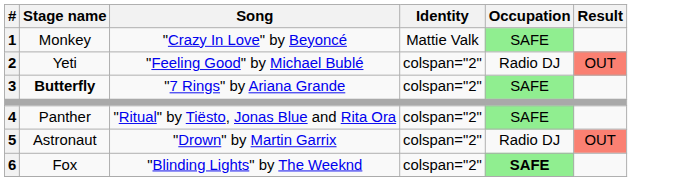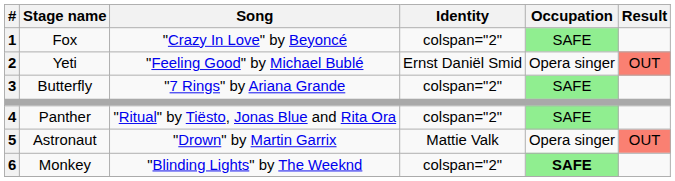 <table class="wikitable plainrowheaders" style="text-align: center;">
 <tr>
 <th>#</th>
 <th><strong>Stage name</strong></th>
 <th><strong>Song</strong></th>
 <th>Identity</th>
 <th><strong>Occupation</strong></th>
 <th>Result</th>
 </tr>
 <tr>
 <th>1</th>
-<td>Monkey</td>
+<td>Fox</td>
 <td>"<a href='#'>Crazy In Love</a>" by <a href='#'>Beyoncé</a></td>
-<td>Mattie Valk</td>
+<td>colspan="2" </td>
 <td bgcolor="lightgreen">SAFE</td>
 </tr>
 <tr>
 <th>2</th>
 <td>Yeti</td>
 <td>"<a href='#'>Feeling Good</a>" by <a href='#'>Michael Bublé</a></td>
-<td>colspan="2" </td>
-<td>Radio DJ</td>
+<td>Ernst Daniël Smid</td>
+<td>Opera singer</td>
 <td bgcolor="salmon">OUT</td>
 </tr>
 <tr>
 <th>3</th>
-<td><strong>Butterfly</strong></td>
+<td>Butterfly</td>
 <td>"<a href='#'>7 Rings</a>" by <a href='#'>Ariana Grande</a></td>
 <td>colspan="2" </td>
 <td bgcolor="lightgreen">SAFE</td>
 </tr>
 <tr>
 <th colspan="6" style="background:darkgrey"></th>
 </tr>
 <tr>
 <th>4</th>
 <td>Panther</td>
 <td>"<a href='#'>Ritual</a>" by <a href='#'>Tiësto</a>, <a href='#'>Jonas Blue</a> and <a href='#'>Rita Ora</a></td>
 <td>colspan="2" </td>
 <td bgcolor="lightgreen">SAFE</td>
 </tr>
 <tr>
 <th>5</th>
 <td>Astronaut</td>
 <td>"<a href='#'>Drown</a>" by <a href='#'>Martin Garrix</a></td>
-<td>colspan="2" </td>
-<td>Radio DJ</td>
+<td>Mattie Valk</td>
+<td>Opera singer</td>
 <td bgcolor="salmon">OUT</td>
 </tr>
 <tr>
 <th>6</th>
-<td>Fox</td>
+<td>Monkey</td>
 <td>"<a href='#'>Blinding Lights</a>" by <a href='#'>The Weeknd</a></td>
 <td>colspan="2" </td>
 <td bgcolor="lightgreen"><strong>SAFE</strong></td>
 </tr>
 <tr>
 </tr>
 </table>
